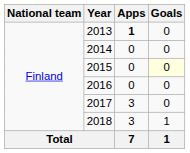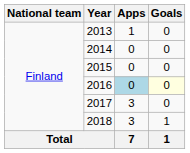 <table class="wikitable" style="text-align:center">
 <tr>
 <th>National team</th>
 <th>Year</th>
 <th>Apps</th>
 <th>Goals</th>
 </tr>
 <tr>
 <td rowspan="6"><a href='#'>Finland</a></td>
 <td>2013</td>
-<td><strong>1</strong></td>
+<td>1</td>
 <td>0</td>
 </tr>
 <tr>
 <td>2014</td>
 <td>0</td>
 <td>0</td>
 </tr>
 <tr>
 <td>2015</td>
 <td>0</td>
-<td style="background: lightyellow;">0</td>
+<td>0</td>
 </tr>
 <tr>
 <td>2016</td>
-<td>0</td>
-<td>0</td>
+<td style="background: lightblue;">0</td>
+<td style="background: lightyellow;">0</td>
 </tr>
 <tr>
 <td>2017</td>
 <td>3</td>
 <td>0</td>
 </tr>
 <tr>
 <td>2018</td>
 <td>3</td>
 <td>1</td>
 </tr>
 <tr>
 <th colspan="2">Total</th>
 <th>7</th>
 <th>1</th>
 </tr>
 </table>
